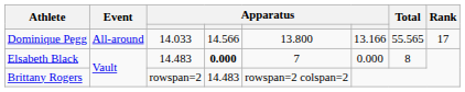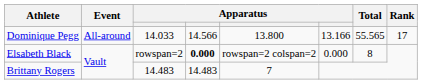 <table class="wikitable" style="font-size:90%">
 <tr>
 <th rowspan="2">Athlete</th>
 <th rowspan="2">Event</th>
 <th colspan = "4">Apparatus</th>
 <th rowspan=2>Total</th>
 <th rowspan=2>Rank</th>
 </tr>
 <tr style="font-size:95%">
 <th></th>
 <th></th>
 <th></th>
 <th></th>
 </tr>
 <tr align=center>
 <td align=left><a href='#'>Dominique Pegg</a></td>
 <td align=left><a href='#'>All-around</a></td>
 <td>14.033</td>
 <td>14.566</td>
 <td>13.800</td>
 <td>13.166</td>
 <td>55.565</td>
 <td>17</td>
 </tr>
 <tr align=center>
 <td align=left><a href='#'>Elsabeth Black</a></td>
 <td align=left rowspan=2><a href='#'>Vault</a></td>
-<td>14.483</td>
+<td>rowspan=2 </td>
 <td><strong>0.000</strong></td>
-<td>7</td>
+<td>rowspan=2 colspan=2 </td>
 <td>0.000</td>
 <td>8</td>
 </tr>
 <tr align=center>
 <td align=left><a href='#'>Brittany Rogers</a></td>
-<td>rowspan=2 </td>
 <td>14.483</td>
-<td>rowspan=2 colspan=2 </td>
+<td>14.483</td>
+<td>7</td>
 </tr>
 </table>
